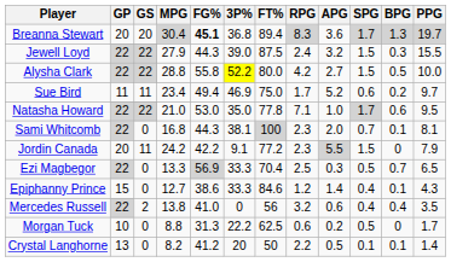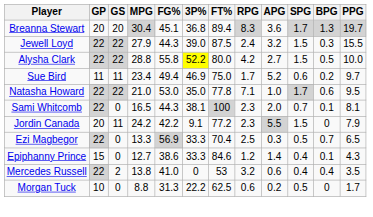 <table class="wikitable sortable" style="text-align:center;">
 <tr>
 <th>Player</th>
 <th>GP</th>
 <th>GS</th>
 <th>MPG</th>
 <th>FG%</th>
 <th>3P%</th>
 <th>FT%</th>
 <th>RPG</th>
 <th>APG</th>
 <th>SPG</th>
 <th>BPG</th>
 <th>PPG</th>
 </tr>
 <tr>
 <td><a href='#'>Breanna Stewart</a></td>
 <td>20</td>
 <td>20</td>
 <td style="background:#D3D3D3;">30.4</td>
-<td><strong>45.1</strong></td>
+<td>45.1</td>
 <td>36.8</td>
 <td>89.4</td>
 <td style="background:#D3D3D3;">8.3</td>
 <td>3.6</td>
 <td style="background:#D3D3D3;">1.7</td>
 <td style="background:#D3D3D3;">1.3</td>
 <td style="background:#D3D3D3;">19.7</td>
 </tr>
 <tr>
 <td><a href='#'>Jewell Loyd</a></td>
 <td style="background:#D3D3D3;">22</td>
 <td style="background:#D3D3D3;">22</td>
 <td>27.9</td>
 <td>44.3</td>
 <td>39.0</td>
 <td>87.5</td>
 <td>2.4</td>
 <td>3.2</td>
 <td>1.5</td>
 <td>0.3</td>
 <td>15.5</td>
 </tr>
 <tr>
 <td><a href='#'>Alysha Clark</a></td>
 <td style="background:#D3D3D3;">22</td>
 <td style="background:#D3D3D3;">22</td>
 <td>28.8</td>
 <td>55.8</td>
 <td style="background:yellow;">52.2</td>
 <td>80.0</td>
 <td>4.2</td>
 <td>2.7</td>
 <td>1.5</td>
 <td>0.5</td>
 <td>10.0</td>
 </tr>
 <tr>
 <td><a href='#'>Sue Bird</a></td>
 <td>11</td>
 <td>11</td>
 <td>23.4</td>
 <td>49.4</td>
 <td>46.9</td>
 <td>75.0</td>
 <td>1.7</td>
 <td>5.2</td>
 <td>0.6</td>
 <td>0.2</td>
 <td>9.7</td>
 </tr>
 <tr>
 <td><a href='#'>Natasha Howard</a></td>
 <td style="background:#D3D3D3;">22</td>
 <td style="background:#D3D3D3;">22</td>
 <td>21.0</td>
 <td>53.0</td>
 <td>35.0</td>
 <td>77.8</td>
 <td>7.1</td>
 <td>1.0</td>
 <td style="background:#D3D3D3;">1.7</td>
 <td>0.6</td>
 <td>9.5</td>
 </tr>
 <tr>
 <td><a href='#'>Sami Whitcomb</a></td>
 <td style="background:#D3D3D3;">22</td>
 <td>0</td>
-<td>16.8</td>
+<td>16.5</td>
 <td>44.3</td>
 <td>38.1</td>
 <td style="background:#D3D3D3;">100</td>
 <td>2.3</td>
 <td>2.0</td>
 <td>0.7</td>
 <td>0.1</td>
 <td>8.1</td>
 </tr>
 <tr>
 <td><a href='#'>Jordin Canada</a></td>
 <td>20</td>
 <td>11</td>
 <td>24.2</td>
 <td>42.2</td>
 <td>9.1</td>
 <td>77.2</td>
 <td>2.3</td>
 <td style="background:#D3D3D3;">5.5</td>
 <td>1.5</td>
 <td>0</td>
 <td>7.9</td>
 </tr>
 <tr>
 <td><a href='#'>Ezi Magbegor</a></td>
 <td style="background:#D3D3D3;">22</td>
 <td>0</td>
 <td>13.3</td>
 <td style="background:#D3D3D3;">56.9</td>
 <td>33.3</td>
 <td>70.4</td>
 <td>2.5</td>
 <td>0.3</td>
 <td>0.5</td>
 <td>0.7</td>
 <td>6.5</td>
 </tr>
 <tr>
 <td><a href='#'>Epiphanny Prince</a></td>
 <td>15</td>
 <td>0</td>
 <td>12.7</td>
 <td>38.6</td>
 <td>33.3</td>
 <td>84.6</td>
 <td>1.2</td>
 <td>1.4</td>
 <td>0.4</td>
 <td>0.1</td>
 <td>4.3</td>
 </tr>
 <tr>
 <td><a href='#'>Mercedes Russell</a></td>
 <td style="background:#D3D3D3;">22</td>
 <td>2</td>
 <td>13.8</td>
 <td>41.0</td>
 <td>0</td>
-<td>56</td>
+<td>53</td>
 <td>3.2</td>
 <td>0.6</td>
 <td>0.4</td>
 <td>0.4</td>
 <td>3.5</td>
 </tr>
 <tr>
 <td><a href='#'>Morgan Tuck</a></td>
 <td>10</td>
 <td>0</td>
 <td>8.8</td>
 <td>31.3</td>
 <td>22.2</td>
 <td>62.5</td>
 <td>0.6</td>
 <td>0.2</td>
 <td>0.5</td>
 <td>0</td>
 <td>1.7</td>
 </tr>
-<tr>
-<td><a href='#'>Crystal Langhorne</a></td>
-<td>13</td>
-<td>0</td>
-<td>8.2</td>
-<td>41.2</td>
-<td>20</td>
-<td>50</td>
-<td>2.2</td>
-<td>0.5</td>
-<td>0.1</td>
-<td>0.1</td>
-<td>1.4</td>
-</tr>
 </table>
